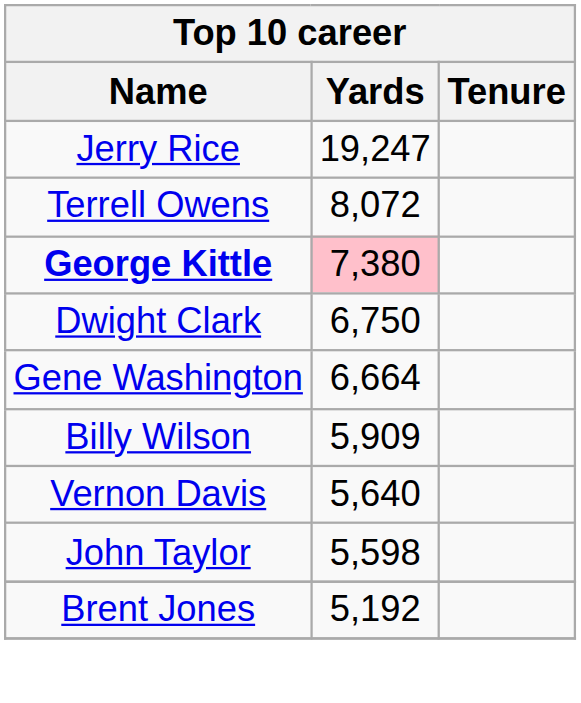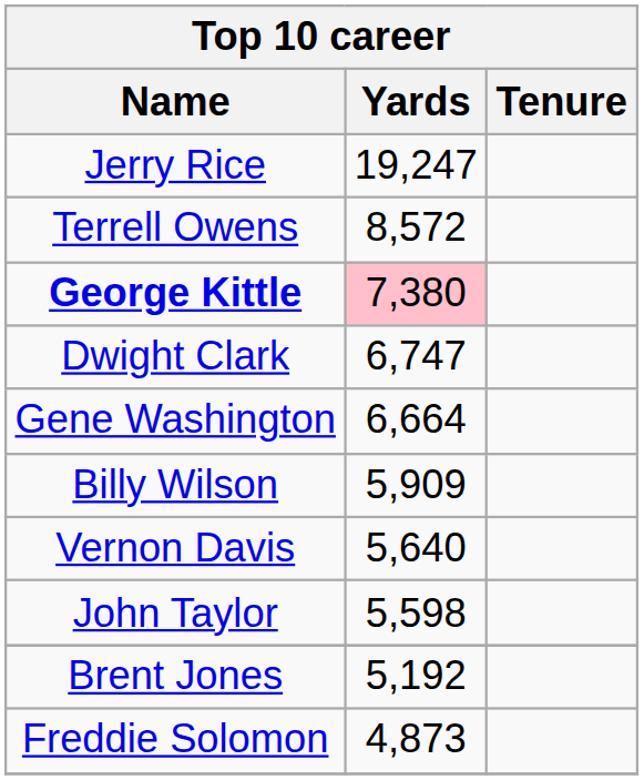 <table class="wikitable" style="text-align:center">
 <tr>
 <th colspan="3"><strong>Top 10 career</strong></th>
 </tr>
 <tr>
 <th><strong>Name</strong></th>
 <th><strong>Yards</strong></th>
 <th><strong>Tenure</strong></th>
 </tr>
 <tr>
 <td><a href='#'>Jerry Rice</a></td>
 <td>19,247</td>
 <td></td>
 </tr>
 <tr>
 <td><a href='#'>Terrell Owens</a></td>
-<td>8,072</td>
+<td>8,572</td>
 <td></td>
 </tr>
 <tr>
 <td><strong><a href='#'>George Kittle</a></strong></td>
 <td style="background: pink;">7,380</td>
 <td></td>
 </tr>
 <tr>
 <td><a href='#'>Dwight Clark</a></td>
-<td>6,750</td>
+<td>6,747</td>
 <td></td>
 </tr>
 <tr>
 <td><a href='#'>Gene Washington</a></td>
 <td>6,664</td>
 <td></td>
 </tr>
 <tr>
 <td><a href='#'>Billy Wilson</a></td>
 <td>5,909</td>
 <td></td>
 </tr>
 <tr>
 <td><a href='#'>Vernon Davis</a></td>
 <td>5,640</td>
 <td></td>
 </tr>
 <tr>
 <td><a href='#'>John Taylor</a></td>
 <td>5,598</td>
 <td></td>
 </tr>
 <tr>
 </tr>
 <tr>
 <td><a href='#'>Brent Jones</a></td>
 <td>5,192</td>
 <td></td>
 </tr>
 <tr>
+<td><a href='#'>Freddie Solomon</a></td>
+<td>4,873</td>
+<td></td>
+</tr>
+<tr>
 </tr>
 </table>
